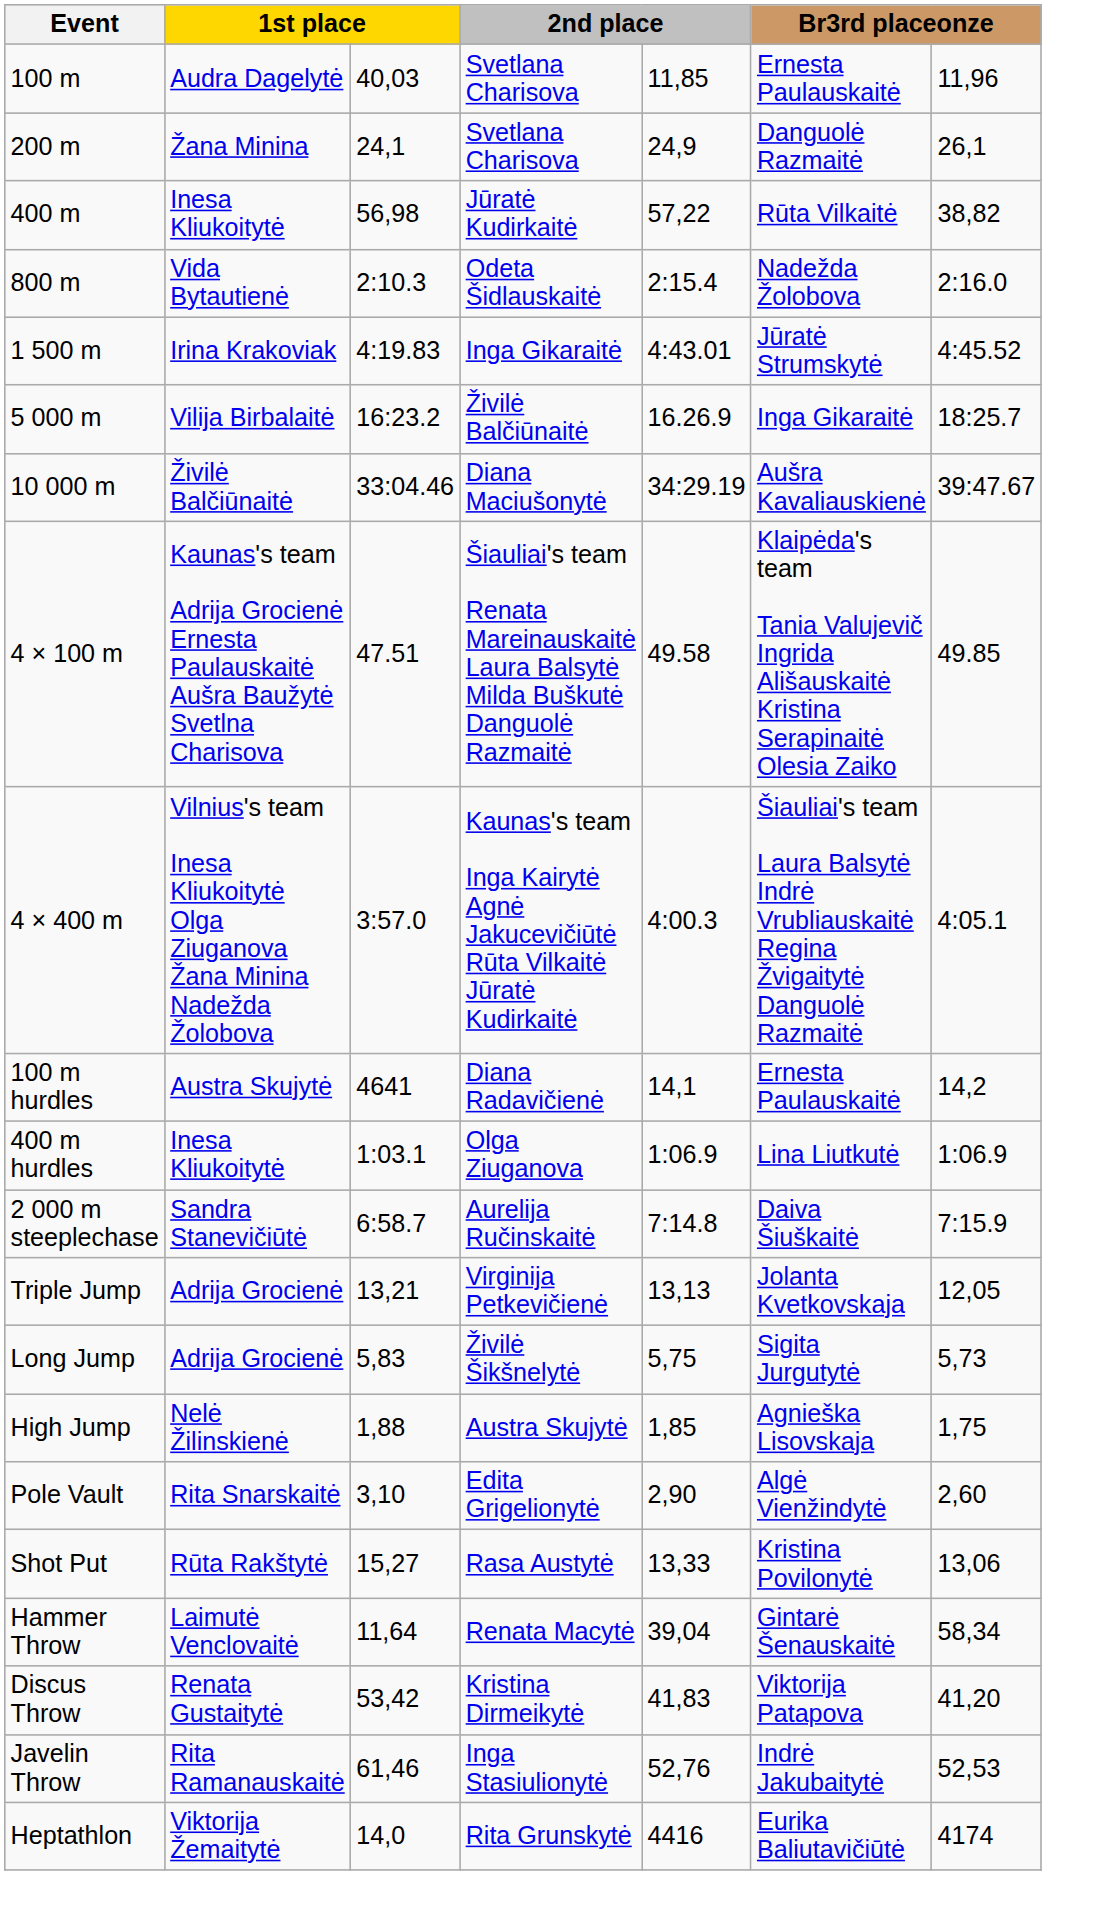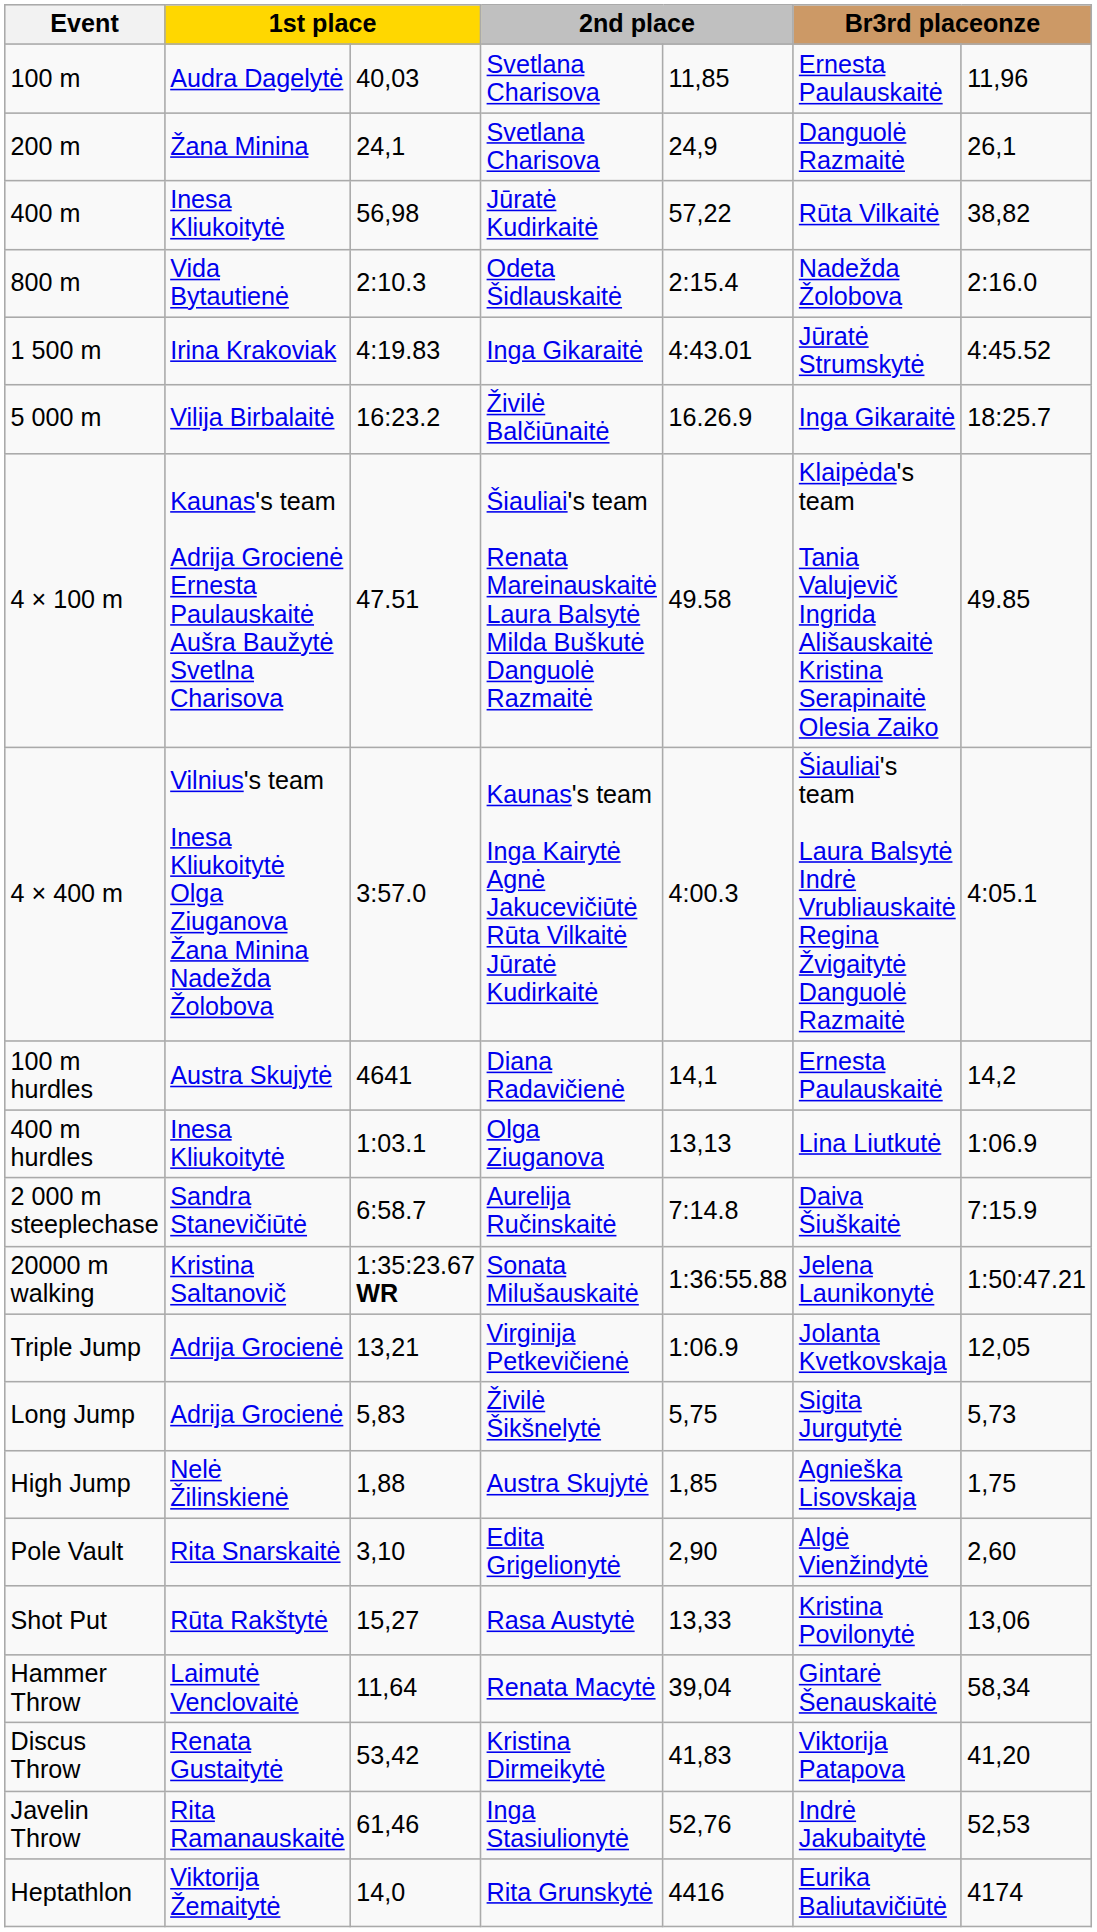 <table class="wikitable">
 <tr>
 <th>Event</th>
 <th style="background:gold;" colspan=2>1st place</th>
 <th style="background:silver;" colspan=2>2nd place</th>
 <th style="background:#CC9966;" colspan=2>Br3rd placeonze</th>
 </tr>
 <tr>
 <td>100 m</td>
 <td><a href='#'>Audra Dagelytė</a></td>
 <td>40,03</td>
 <td><a href='#'>Svetlana Charisova</a></td>
 <td>11,85</td>
 <td><a href='#'>Ernesta Paulauskaitė</a></td>
 <td>11,96</td>
 </tr>
 <tr>
 <td>200 m</td>
 <td><a href='#'>Žana Minina</a></td>
 <td>24,1</td>
 <td><a href='#'>Svetlana Charisova</a></td>
 <td>24,9</td>
 <td><a href='#'>Danguolė Razmaitė</a></td>
 <td>26,1</td>
 </tr>
 <tr>
 <td>400 m</td>
 <td><a href='#'>Inesa Kliukoitytė</a></td>
 <td>56,98</td>
 <td><a href='#'>Jūratė Kudirkaitė</a></td>
 <td>57,22</td>
 <td><a href='#'>Rūta Vilkaitė</a></td>
 <td>38,82</td>
 </tr>
 <tr>
 <td>800 m</td>
 <td><a href='#'>Vida Bytautienė</a></td>
 <td>2:10.3</td>
 <td><a href='#'>Odeta Šidlauskaitė</a></td>
 <td>2:15.4</td>
 <td><a href='#'>Nadežda Žolobova</a></td>
 <td>2:16.0</td>
 </tr>
 <tr>
 <td>1 500 m</td>
 <td><a href='#'>Irina Krakoviak</a></td>
 <td>4:19.83</td>
 <td><a href='#'>Inga Gikaraitė</a></td>
 <td>4:43.01</td>
 <td><a href='#'>Jūratė Strumskytė</a></td>
 <td>4:45.52</td>
 </tr>
 <tr>
 <td>5 000 m</td>
 <td><a href='#'>Vilija Birbalaitė</a></td>
 <td>16:23.2</td>
 <td><a href='#'>Živilė Balčiūnaitė</a></td>
 <td>16.26.9</td>
 <td><a href='#'>Inga Gikaraitė</a></td>
 <td>18:25.7</td>
 </tr>
 <tr>
-<td>10 000 m</td>
-<td><a href='#'>Živilė Balčiūnaitė</a></td>
-<td>33:04.46</td>
-<td><a href='#'>Diana Maciušonytė</a></td>
-<td>34:29.19</td>
-<td><a href='#'>Aušra Kavaliauskienė</a></td>
-<td>39:47.67</td>
-</tr>
-<tr>
 <td>4 × 100 m</td>
 <td><a href='#'>Kaunas</a>'s team <br><br><a href='#'>Adrija Grocienė</a> <br> <a href='#'>Ernesta Paulauskaitė</a> <br> <a href='#'>Aušra Baužytė</a> <br> <a href='#'>Svetlna Charisova</a></td>
 <td>47.51</td>
 <td><a href='#'>Šiauliai</a>'s team<br><br><a href='#'>Renata Mareinauskaitė</a> <br> <a href='#'>Laura Balsytė</a> <br> <a href='#'>Milda Buškutė</a> <br> <a href='#'>Danguolė Razmaitė</a></td>
 <td>49.58</td>
 <td><a href='#'>Klaipėda</a>'s team <br><br><a href='#'>Tania Valujevič</a> <br> <a href='#'>Ingrida Ališauskaitė</a> <br> <a href='#'>Kristina Serapinaitė</a> <br> <a href='#'>Olesia Zaiko</a></td>
 <td>49.85</td>
 </tr>
 <tr>
 <td>4 × 400 m</td>
 <td><a href='#'>Vilnius</a>'s team <br><br><a href='#'>Inesa Kliukoitytė</a> <br> <a href='#'>Olga Ziuganova</a> <br> <a href='#'>Žana Minina</a> <br> <a href='#'>Nadežda Žolobova</a></td>
 <td>3:57.0</td>
 <td><a href='#'>Kaunas</a>'s team <br><br><a href='#'>Inga Kairytė</a> <br> <a href='#'>Agnė Jakucevičiūtė</a> <br> <a href='#'>Rūta Vilkaitė</a> <br> <a href='#'>Jūratė Kudirkaitė</a></td>
 <td>4:00.3</td>
 <td><a href='#'>Šiauliai</a>'s team <br><br><a href='#'>Laura Balsytė</a> <br> <a href='#'>Indrė Vrubliauskaitė</a> <br> <a href='#'>Regina Žvigaitytė</a> <br> <a href='#'>Danguolė Razmaitė</a></td>
 <td>4:05.1</td>
 </tr>
 <tr>
 <td>100 m hurdles</td>
 <td><a href='#'>Austra Skujytė</a></td>
 <td>4641</td>
 <td><a href='#'>Diana Radavičienė</a></td>
 <td>14,1</td>
 <td><a href='#'>Ernesta Paulauskaitė</a></td>
 <td>14,2</td>
 </tr>
 <tr>
 <td>400 m hurdles</td>
 <td><a href='#'>Inesa Kliukoitytė</a></td>
 <td>1:03.1</td>
 <td><a href='#'>Olga Ziuganova</a></td>
-<td>1:06.9</td>
+<td>13,13</td>
 <td><a href='#'>Lina Liutkutė</a></td>
 <td>1:06.9</td>
 </tr>
 <tr>
 <td>2 000 m steeplechase</td>
 <td><a href='#'>Sandra Stanevičiūtė</a></td>
 <td>6:58.7</td>
 <td><a href='#'>Aurelija Ručinskaitė</a></td>
 <td>7:14.8</td>
 <td><a href='#'>Daiva Šiuškaitė</a></td>
 <td>7:15.9</td>
 </tr>
 <tr>
+<td>20000 m walking</td>
+<td><a href='#'>Kristina Saltanovič</a></td>
+<td>1:35:23.67 <br> <strong>WR</strong></td>
+<td><a href='#'>Sonata Milušauskaitė</a></td>
+<td>1:36:55.88</td>
+<td><a href='#'>Jelena Launikonytė</a></td>
+<td>1:50:47.21</td>
+</tr>
+<tr>
 <td>Triple Jump</td>
 <td><a href='#'>Adrija Grocienė</a></td>
 <td>13,21</td>
 <td><a href='#'>Virginija Petkevičienė</a></td>
-<td>13,13</td>
+<td>1:06.9</td>
 <td><a href='#'>Jolanta Kvetkovskaja</a></td>
 <td>12,05</td>
 </tr>
 <tr>
 <td>Long Jump</td>
 <td><a href='#'>Adrija Grocienė</a></td>
 <td>5,83</td>
 <td><a href='#'>Živilė Šikšnelytė</a></td>
 <td>5,75</td>
 <td><a href='#'>Sigita Jurgutytė</a></td>
 <td>5,73</td>
 </tr>
 <tr>
 <td>High Jump</td>
 <td><a href='#'>Nelė Žilinskienė</a></td>
 <td>1,88</td>
 <td><a href='#'>Austra Skujytė</a></td>
 <td>1,85</td>
 <td><a href='#'>Agnieška Lisovskaja</a></td>
 <td>1,75</td>
 </tr>
 <tr>
 <td>Pole Vault</td>
 <td><a href='#'>Rita Snarskaitė</a></td>
 <td>3,10</td>
 <td><a href='#'>Edita Grigelionytė</a></td>
 <td>2,90</td>
 <td><a href='#'>Algė Vienžindytė</a></td>
 <td>2,60</td>
 </tr>
 <tr>
 <td>Shot Put</td>
 <td><a href='#'>Rūta Rakštytė</a></td>
 <td>15,27</td>
 <td><a href='#'>Rasa Austytė</a></td>
 <td>13,33</td>
 <td><a href='#'>Kristina Povilonytė</a></td>
 <td>13,06</td>
 </tr>
 <tr>
 <td>Hammer Throw</td>
 <td><a href='#'>Laimutė Venclovaitė</a></td>
 <td>11,64</td>
 <td><a href='#'>Renata Macytė</a></td>
 <td>39,04</td>
 <td><a href='#'>Gintarė Šenauskaitė</a></td>
 <td>58,34</td>
 </tr>
 <tr>
 <td>Discus Throw</td>
 <td><a href='#'>Renata Gustaitytė</a></td>
 <td>53,42</td>
 <td><a href='#'>Kristina Dirmeikytė</a></td>
 <td>41,83</td>
 <td><a href='#'>Viktorija Patapova</a></td>
 <td>41,20</td>
 </tr>
 <tr>
 <td>Javelin Throw</td>
 <td><a href='#'>Rita Ramanauskaitė</a></td>
 <td>61,46</td>
 <td><a href='#'>Inga Stasiulionytė</a></td>
 <td>52,76</td>
 <td><a href='#'>Indrė Jakubaitytė</a></td>
 <td>52,53</td>
 </tr>
 <tr>
 <td>Heptathlon</td>
 <td><a href='#'>Viktorija Žemaitytė</a></td>
 <td>14,0</td>
 <td><a href='#'>Rita Grunskytė</a></td>
 <td>4416</td>
 <td><a href='#'>Eurika Baliutavičiūtė</a></td>
 <td>4174</td>
 </tr>
 </table>
